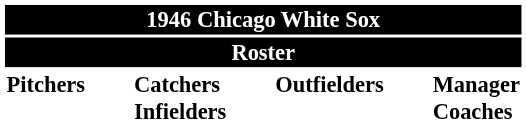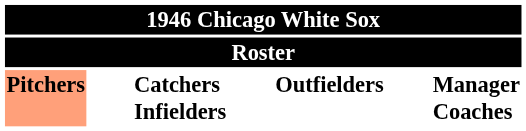 <table class="toccolours" style="font-size: 95%;">
 <tr>
 <th colspan="10" style="background-color: black; color: white; text-align: center;">1946 Chicago White Sox</th>
 </tr>
 <tr>
 <td colspan="10" style="background-color: black; color: white; text-align: center;"><strong>Roster</strong></td>
 </tr>
 <tr>
-<td valign="top"><strong>Pitchers</strong><br>              </td>
+<td valign="top" style="background: lightsalmon;"><strong>Pitchers</strong><br>              </td>
 <td width="25px"></td>
 <td valign="top"><strong>Catchers</strong><br>     <strong>Infielders</strong>          </td>
 <td width="25px"></td>
 <td valign="top"><strong>Outfielders</strong><br>        </td>
 <td width="25px"></td>
 <td valign="top"><strong>Manager</strong><br>  <strong>Coaches</strong>   </td>
 </tr>
 </table>
